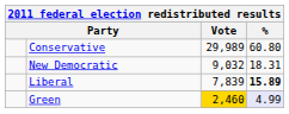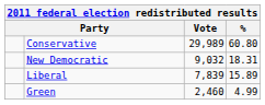 <table class="wikitable">
 <tr>
 <th colspan="4"><a href='#'>2011 federal election</a> redistributed results</th>
 </tr>
 <tr>
 <th bgcolor="#DDDDFF" width="130px" colspan="2">Party</th>
 <th bgcolor="#DDDDFF" width="50px">Vote</th>
 <th bgcolor="#DDDDFF" width="30px">%</th>
 </tr>
 <tr>
 <td> </td>
 <td><a href='#'>Conservative</a></td>
 <td align=right>29,989</td>
 <td align=right>60.80</td>
 </tr>
 <tr>
 <td> </td>
 <td><a href='#'>New Democratic</a></td>
 <td align=right>9,032</td>
 <td align=right>18.31</td>
 </tr>
 <tr>
 <td> </td>
 <td><a href='#'>Liberal</a></td>
 <td align=right>7,839</td>
-<td align=right><strong>15.89</strong></td>
+<td align=right>15.89</td>
 </tr>
 <tr>
 <td> </td>
 <td><a href='#'>Green</a></td>
-<td align=right style="background: gold;">2,460</td>
-<td align=right style="background: lavender;">4.99</td>
+<td align=right>2,460</td>
+<td align=right>4.99</td>
 </tr>
 </table>
